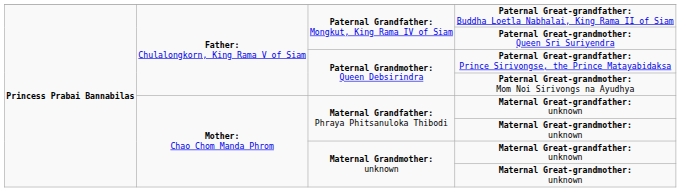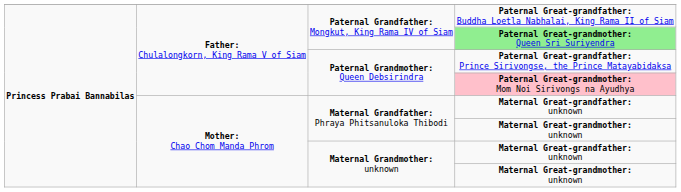 <table class="wikitable">
 <tr>
 </tr>
 <tr>
 <td rowspan="8" align="center"><strong>Princess Prabai Bannabilas</strong></td>
 <td rowspan="4" align="center"><strong>Father:</strong><br><a href='#'>Chulalongkorn, King Rama V of Siam</a></td>
 <td rowspan="2" align="center"><strong>Paternal Grandfather:</strong><br><a href='#'>Mongkut, King Rama IV of Siam</a></td>
 <td align = "center"><strong>Paternal Great-grandfather:</strong><br><a href='#'>Buddha Loetla Nabhalai, King Rama II of Siam</a></td>
 </tr>
 <tr>
-<td align = "center"><strong>Paternal Great-grandmother:</strong><br><a href='#'>Queen Sri Suriyendra</a></td>
+<td align = "center" style="background: lightgreen;"><strong>Paternal Great-grandmother:</strong><br><a href='#'>Queen Sri Suriyendra</a></td>
 </tr>
 <tr>
 <td rowspan="2" align="center"><strong>Paternal Grandmother:</strong><br><a href='#'>Queen Debsirindra</a></td>
 <td align = "center"><strong>Paternal Great-grandfather:</strong><br><a href='#'>Prince Sirivongse, the Prince Matayabidaksa</a></td>
 </tr>
 <tr>
-<td align = "center"><strong>Paternal Great-grandmother:</strong><br>Mom Noi Sirivongs na Ayudhya</td>
+<td align = "center" style="background: pink;"><strong>Paternal Great-grandmother:</strong><br>Mom Noi Sirivongs na Ayudhya</td>
 </tr>
 <tr>
 <td rowspan="4" align="center"><strong>Mother:</strong><br><a href='#'>Chao Chom Manda Phrom</a></td>
 <td rowspan="2" align="center"><strong>Maternal Grandfather:</strong><br>Phraya Phitsanuloka Thibodi</td>
 <td align = "center"><strong>Maternal Great-grandfather:</strong><br>unknown</td>
 </tr>
 <tr>
 <td align = "center"><strong>Maternal Great-grandmother:</strong><br>unknown</td>
 </tr>
 <tr>
 <td rowspan="2" align="center"><strong>Maternal Grandmother:</strong><br>unknown</td>
 <td align = "center"><strong>Maternal Great-grandfather:</strong><br>unknown</td>
 </tr>
 <tr>
 <td align = "center"><strong>Maternal Great-grandmother:</strong><br>unknown</td>
 </tr>
 </table>
